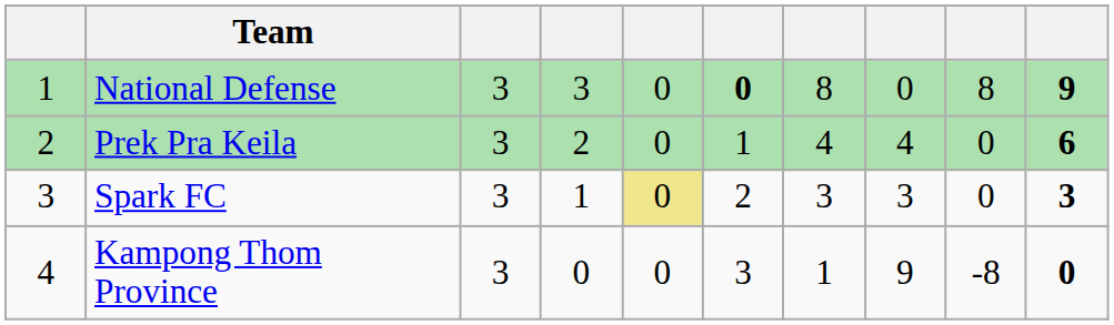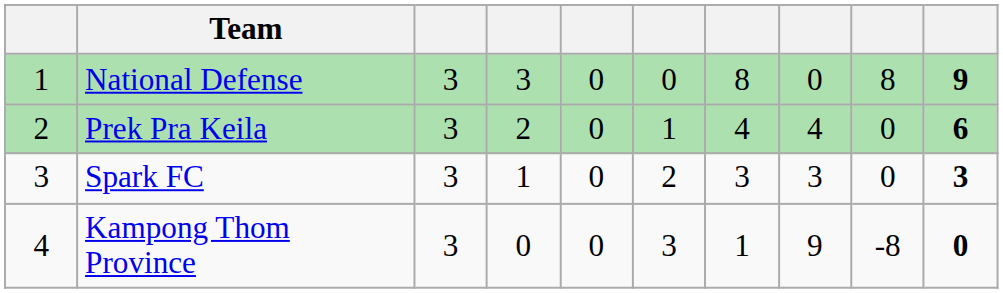 <table class="wikitable" style="text-align: center;">
 <tr>
 <th width=30></th>
 <th width=165>Team</th>
 <th width=30></th>
 <th width=30></th>
 <th width=30></th>
 <th width=30></th>
 <th width=30></th>
 <th width=30></th>
 <th width=30></th>
 <th width=30></th>
 </tr>
 <tr style="background:#ace1af;">
 <td>1</td>
 <td align=left><a href='#'>National Defense</a></td>
 <td>3</td>
 <td>3</td>
 <td>0</td>
-<td><strong>0</strong></td>
+<td>0</td>
 <td>8</td>
 <td>0</td>
 <td>8</td>
 <td><strong>9</strong></td>
 </tr>
 <tr style="background:#ace1af;">
 <td>2</td>
 <td align=left><a href='#'>Prek Pra Keila</a></td>
 <td>3</td>
 <td>2</td>
 <td>0</td>
 <td>1</td>
 <td>4</td>
 <td>4</td>
 <td>0</td>
 <td><strong>6</strong></td>
 </tr>
 <tr>
 <td>3</td>
 <td align=left><a href='#'>Spark FC</a></td>
 <td>3</td>
 <td>1</td>
-<td style="background: khaki;">0</td>
+<td>0</td>
 <td>2</td>
 <td>3</td>
 <td>3</td>
 <td>0</td>
 <td><strong>3</strong></td>
 </tr>
 <tr>
 <td>4</td>
 <td align=left><a href='#'>Kampong Thom Province</a></td>
 <td>3</td>
 <td>0</td>
 <td>0</td>
 <td>3</td>
 <td>1</td>
 <td>9</td>
 <td>-8</td>
 <td><strong>0</strong></td>
 </tr>
 </table>
